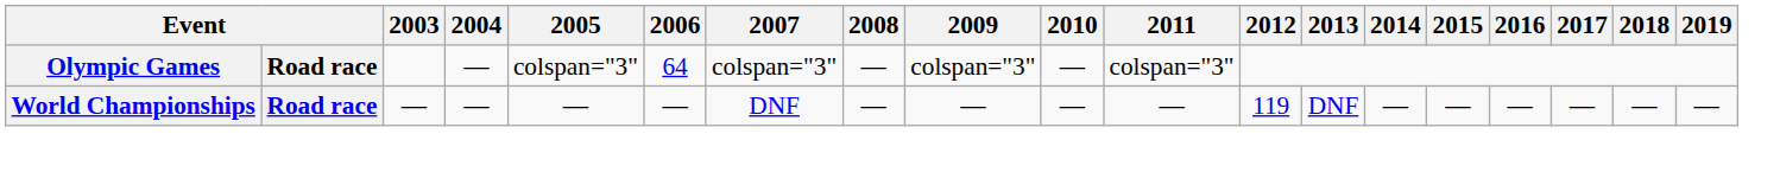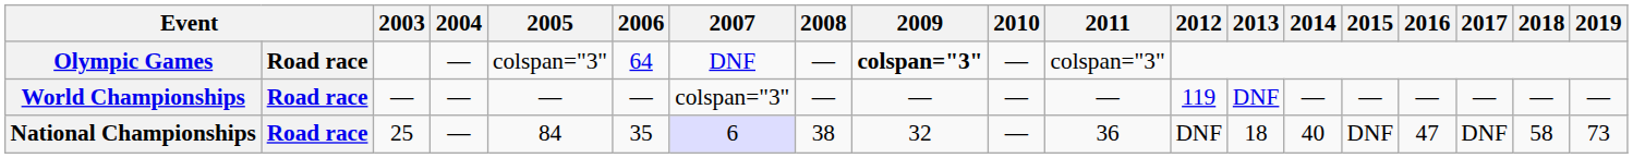 <table class="wikitable plainrowheaders">
 <tr>
 <th scope="col" colspan=2>Event</th>
 <th scope="col">2003</th>
 <th scope="col">2004</th>
 <th scope="col">2005</th>
 <th scope="col">2006</th>
 <th scope="col">2007</th>
 <th scope="col">2008</th>
 <th scope="col">2009</th>
 <th scope="col">2010</th>
 <th scope="col">2011</th>
 <th scope="col">2012</th>
 <th scope="col">2013</th>
 <th scope="col">2014</th>
 <th scope="col">2015</th>
 <th scope="col">2016</th>
 <th scope="col">2017</th>
 <th scope="col">2018</th>
 <th scope="col">2019</th>
 </tr>
 <tr style="text-align:center;">
 <th scope="row"> <a href='#'>Olympic Games</a></th>
 <th scope="row">Road race</th>
 <td></td>
 <td>—</td>
 <td>colspan="3" </td>
 <td><a href='#'>64</a></td>
-<td>colspan="3" </td>
+<td><a href='#'>DNF</a></td>
 <td>—</td>
-<td>colspan="3" </td>
+<td><strong>colspan="3" </strong></td>
 <td>—</td>
 <td>colspan="3" </td>
 </tr>
 <tr style="text-align:center;">
 <th scope="row"> <a href='#'>World Championships</a></th>
 <th scope="row"><a href='#'>Road race</a></th>
 <td>—</td>
 <td>—</td>
 <td>—</td>
 <td>—</td>
-<td><a href='#'>DNF</a></td>
+<td>colspan="3" </td>
 <td>—</td>
 <td>—</td>
 <td>—</td>
 <td>—</td>
 <td><a href='#'>119</a></td>
 <td><a href='#'>DNF</a></td>
 <td>—</td>
 <td>—</td>
 <td>—</td>
 <td>—</td>
 <td>—</td>
 <td>—</td>
 </tr>
+<tr style="text-align:center;">
+<th scope="row"> National Championships</th>
+<th scope="row"><a href='#'>Road race</a></th>
+<td>25</td>
+<td>—</td>
+<td>84</td>
+<td>35</td>
+<td style="background:#ddddff;">6</td>
+<td>38</td>
+<td>32</td>
+<td>—</td>
+<td>36</td>
+<td>DNF</td>
+<td>18</td>
+<td>40</td>
+<td>DNF</td>
+<td>47</td>
+<td>DNF</td>
+<td>58</td>
+<td>73</td>
+</tr>
 </table>
